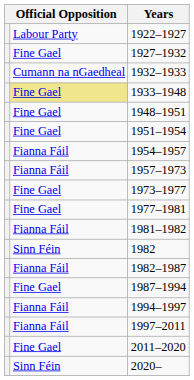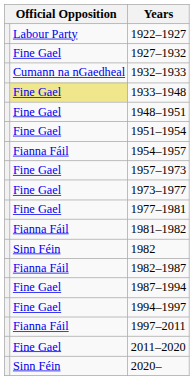 <table class="wikitable">
 <tr>
 <th colspan=2>Official Opposition</th>
 <th>Years</th>
 </tr>
 <tr>
 <th style="background-color: "></th>
 <td><a href='#'>Labour Party</a></td>
 <td>1922–1927</td>
 </tr>
 <tr>
 <th style="background-color: "></th>
 <td><a href='#'>Fine Gael</a></td>
 <td>1927–1932</td>
 </tr>
 <tr>
 <th style="background-color: "></th>
 <td><a href='#'>Cumann na nGaedheal</a></td>
 <td>1932–1933</td>
 </tr>
 <tr>
 <th style="background-color: "></th>
 <td style="background: khaki;"><a href='#'>Fine Gael</a></td>
 <td>1933–1948</td>
 </tr>
 <tr>
 <th style="background-color: "></th>
 <td><a href='#'>Fine Gael</a></td>
 <td>1948–1951</td>
 </tr>
 <tr>
 <th style="background-color: "></th>
 <td><a href='#'>Fine Gael</a></td>
 <td>1951–1954</td>
 </tr>
 <tr>
 <th style="background-color: "></th>
 <td><a href='#'>Fianna Fáil</a></td>
 <td>1954–1957</td>
 </tr>
 <tr>
 <th style="background-color: "></th>
-<td><a href='#'>Fianna Fáil</a></td>
+<td><a href='#'>Fine Gael</a></td>
 <td>1957–1973</td>
 </tr>
 <tr>
 <th style="background-color: "></th>
 <td><a href='#'>Fine Gael</a></td>
 <td>1973–1977</td>
 </tr>
 <tr>
 <th style="background-color: "></th>
 <td><a href='#'>Fine Gael</a></td>
 <td>1977–1981</td>
 </tr>
 <tr>
 <th style="background-color: "></th>
 <td><a href='#'>Fianna Fáil</a></td>
 <td>1981–1982</td>
 </tr>
 <tr>
 <th style="background-color: "></th>
 <td><a href='#'>Sinn Féin</a></td>
 <td>1982</td>
 </tr>
 <tr>
 <th style="background-color: "></th>
 <td><a href='#'>Fianna Fáil</a></td>
 <td>1982–1987</td>
 </tr>
 <tr>
 <th style="background-color: "></th>
 <td><a href='#'>Fine Gael</a></td>
 <td>1987–1994</td>
 </tr>
 <tr>
 <th style="background-color: "></th>
-<td><a href='#'>Fianna Fáil</a></td>
+<td><a href='#'>Fine Gael</a></td>
 <td>1994–1997</td>
 </tr>
 <tr>
 <th style="background-color: "></th>
 <td><a href='#'>Fianna Fáil</a></td>
 <td>1997–2011</td>
 </tr>
 <tr>
 <th style="background-color: "></th>
 <td><a href='#'>Fine Gael</a></td>
 <td>2011–2020</td>
 </tr>
 <tr>
 <th style="background-color: "></th>
 <td><a href='#'>Sinn Féin</a></td>
 <td>2020–</td>
 </tr>
 </table>
